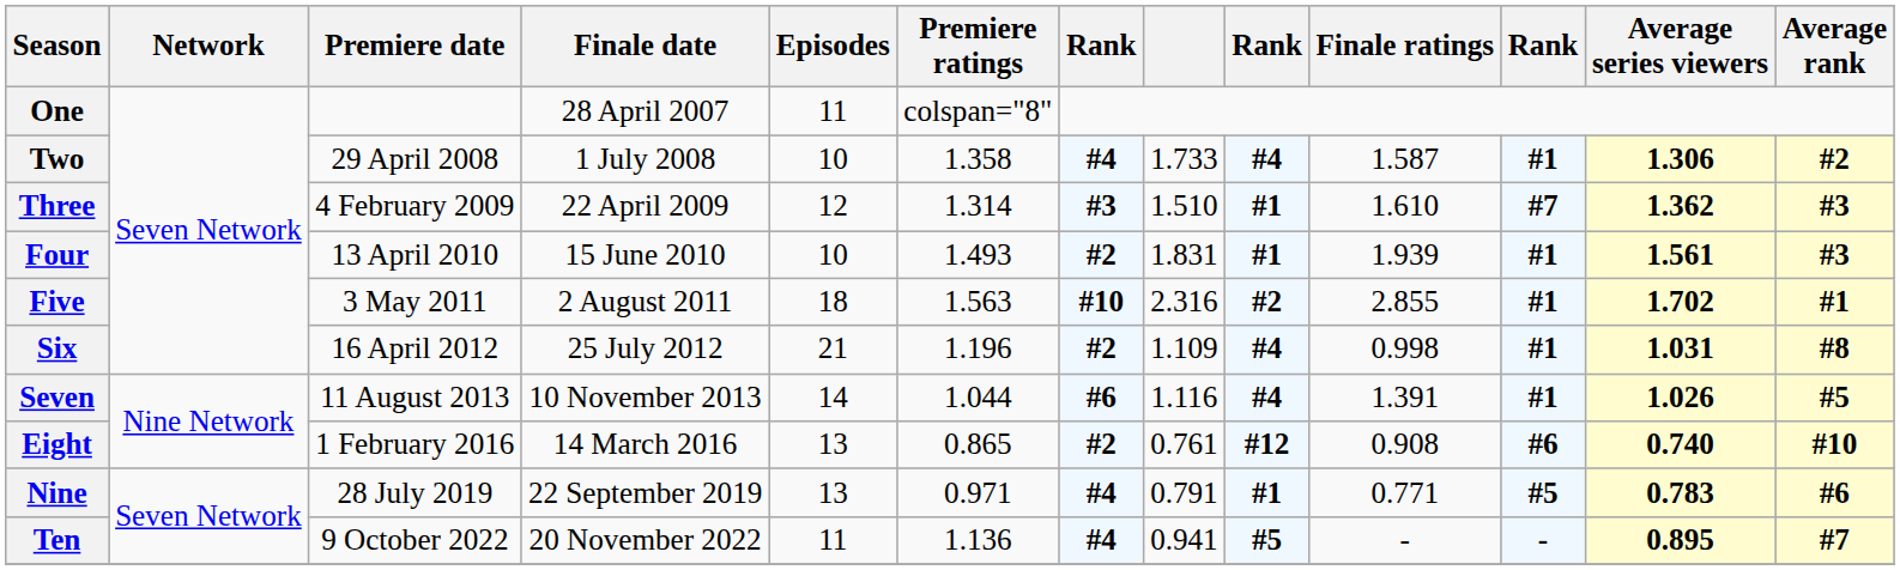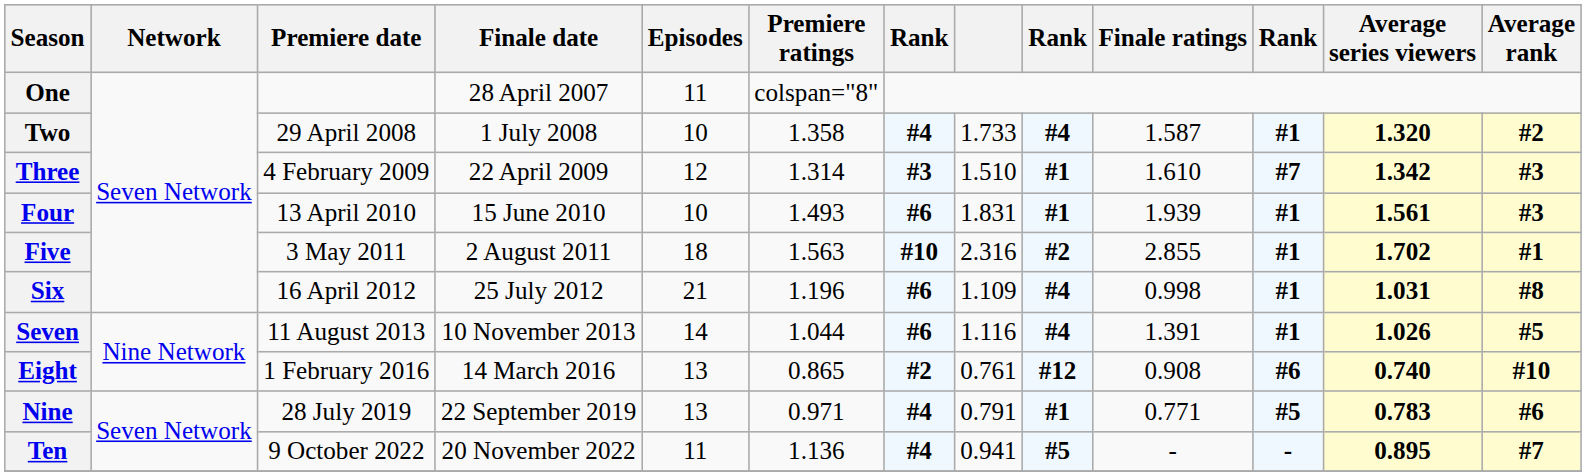 <table class="wikitable plainrowheaders" style="text-align:center">
 <tr style="background:#DCDCDC">
 <th scope="col">Season</th>
 <th scope="col">Network</th>
 <th scope="col">Premiere date</th>
 <th scope="col">Finale date</th>
 <th scope="col">Episodes</th>
 <th scope="col">Premiere<br>ratings</th>
 <th scope="col">Rank</th>
 <th scope="col"><br></th>
 <th scope="col">Rank</th>
 <th scope="col"><strong>Finale ratings</strong><br></th>
 <th scope="col">Rank</th>
 <th scope="col">Average<br>series viewers</th>
 <th scope="col">Average<br>rank</th>
 </tr>
 <tr>
 <th scope="row">One</th>
 <td rowspan="6"><a href='#'>Seven Network</a></td>
 <td></td>
 <td>28 April 2007</td>
 <td>11</td>
 <td>colspan="8" </td>
 </tr>
 <tr>
 <th scope="row">Two</th>
 <td>29 April 2008</td>
 <td>1 July 2008</td>
 <td>10</td>
 <td>1.358</td>
 <td style="background:#F0F8FF"><strong>#4</strong></td>
 <td>1.733</td>
 <td style="background:#F0F8FF"><strong>#4</strong></td>
 <td>1.587</td>
 <td style="background:#F0F8FF"><strong>#1</strong></td>
-<td style="background:#FFFDD0"><strong>1.306</strong></td>
+<td style="background:#FFFDD0"><strong>1.320</strong></td>
 <td style="background:#FFFDD0"><strong>#2</strong></td>
 </tr>
 <tr>
 <th scope="row"><a href='#'>Three</a></th>
 <td>4 February 2009</td>
 <td>22 April 2009</td>
 <td>12</td>
 <td>1.314</td>
 <td style="background:#F0F8FF"><strong>#3</strong></td>
 <td>1.510</td>
 <td style="background:#F0F8FF"><strong>#1</strong></td>
 <td>1.610</td>
 <td style="background:#F0F8FF"><strong>#7</strong></td>
-<td style="background:#FFFDD0"><strong>1.362</strong></td>
+<td style="background:#FFFDD0"><strong>1.342</strong></td>
 <td style="background:#FFFDD0"><strong>#3</strong></td>
 </tr>
 <tr>
 <th scope="row"><a href='#'>Four</a></th>
 <td>13 April 2010</td>
 <td>15 June 2010</td>
 <td>10</td>
 <td>1.493</td>
-<td style="background:#F0F8FF"><strong>#2</strong></td>
+<td style="background:#F0F8FF"><strong>#6</strong></td>
 <td>1.831</td>
 <td style="background:#F0F8FF"><strong>#1</strong></td>
 <td>1.939</td>
 <td style="background:#F0F8FF"><strong>#1</strong></td>
 <td style="background:#FFFDD0"><strong>1.561</strong></td>
 <td style="background:#FFFDD0"><strong>#3</strong></td>
 </tr>
 <tr>
 <th scope="row"><a href='#'>Five</a></th>
 <td>3 May 2011</td>
 <td>2 August 2011</td>
 <td>18</td>
 <td>1.563</td>
 <td style="background:#F0F8FF"><strong>#10</strong></td>
 <td>2.316</td>
 <td style="background:#F0F8FF"><strong>#2</strong></td>
 <td>2.855</td>
 <td style="background:#F0F8FF"><strong>#1</strong></td>
 <td style="background:#FFFDD0"><strong>1.702</strong></td>
 <td style="background:#FFFDD0"><strong>#1</strong></td>
 </tr>
 <tr>
 <th scope="row"><a href='#'>Six</a></th>
 <td>16 April 2012</td>
 <td>25 July 2012</td>
 <td>21</td>
 <td>1.196</td>
-<td style="background:#F0F8FF"><strong>#2</strong></td>
+<td style="background:#F0F8FF"><strong>#6</strong></td>
 <td>1.109</td>
 <td style="background:#F0F8FF"><strong>#4</strong></td>
 <td>0.998</td>
 <td style="background:#F0F8FF"><strong>#1</strong></td>
 <td style="background:#FFFDD0"><strong>1.031</strong></td>
 <td style="background:#FFFDD0"><strong>#8</strong></td>
 </tr>
 <tr>
 <th scope="row"><a href='#'>Seven</a></th>
 <td rowspan=2><a href='#'>Nine Network</a></td>
 <td>11 August 2013</td>
 <td>10 November 2013</td>
 <td>14</td>
 <td>1.044</td>
 <td style="background:#F0F8FF"><strong>#6</strong></td>
 <td>1.116</td>
 <td style="background:#F0F8FF"><strong>#4</strong></td>
 <td>1.391</td>
 <td style="background:#F0F8FF"><strong>#1</strong></td>
 <td style="background:#FFFDD0"><strong>1.026</strong></td>
 <td style="background:#FFFDD0"><strong>#5</strong></td>
 </tr>
 <tr>
 <th scope="row"><a href='#'>Eight</a></th>
 <td>1 February 2016</td>
 <td>14 March 2016</td>
 <td>13</td>
 <td>0.865</td>
 <td style="background:#F0F8FF"><strong>#2</strong></td>
 <td>0.761</td>
 <td style="background:#F0F8FF"><strong>#12</strong></td>
 <td>0.908</td>
 <td style="background:#F0F8FF"><strong>#6</strong></td>
 <td style="background:#FFFDD0"><strong>0.740</strong></td>
 <td style="background:#FFFDD0"><strong>#10</strong></td>
 </tr>
 <tr>
 <th scope="row"><a href='#'>Nine</a></th>
 <td rowspan=2><a href='#'>Seven Network</a></td>
 <td>28 July 2019</td>
 <td>22 September 2019</td>
 <td>13</td>
 <td>0.971</td>
 <td style="background:#F0F8FF"><strong>#4</strong></td>
 <td>0.791</td>
 <td style="background:#F0F8FF"><strong>#1</strong></td>
 <td>0.771</td>
 <td style="background:#F0F8FF"><strong>#5</strong></td>
 <td style="background:#FFFDD0"><strong>0.783</strong></td>
 <td style="background:#FFFDD0"><strong>#6</strong></td>
 </tr>
 <tr>
 <th scope="row"><a href='#'>Ten</a></th>
 <td>9 October 2022</td>
 <td>20 November 2022</td>
 <td>11</td>
 <td>1.136</td>
 <td style="background:#F0F8FF"><strong>#4</strong></td>
 <td>0.941</td>
 <td style="background:#F0F8FF"><strong>#5</strong></td>
 <td>-</td>
 <td style="background:#F0F8FF"><strong>-</strong></td>
 <td style="background:#FFFDD0"><strong>0.895</strong></td>
 <td style="background:#FFFDD0"><strong>#7</strong></td>
 </tr>
 <tr>
 </tr>
 </table>
